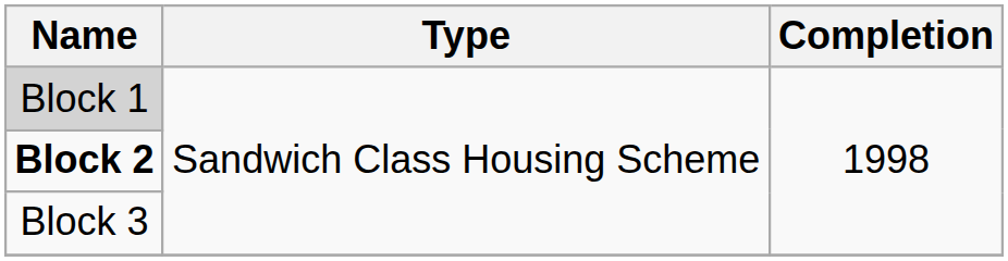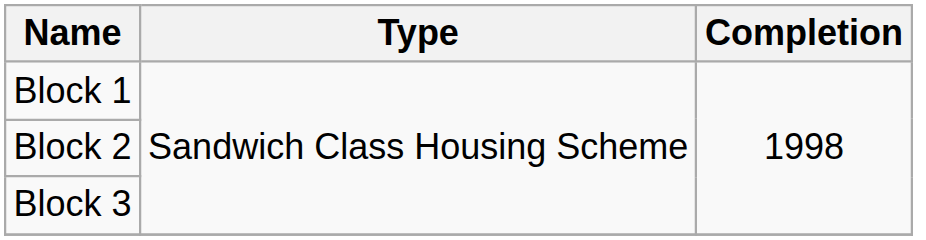 <table class="wikitable" style="text-align: center">
 <tr>
 <th>Name</th>
 <th>Type</th>
 <th>Completion</th>
 </tr>
 <tr>
-<td style="background: lightgrey;">Block 1</td>
+<td>Block 1</td>
 <td rowspan="3">Sandwich Class Housing Scheme</td>
 <td rowspan="3">1998</td>
 </tr>
 <tr>
-<td><strong>Block 2</strong></td>
+<td>Block 2</td>
 </tr>
 <tr>
 <td>Block 3</td>
 </tr>
 <tr>
 </tr>
 </table>
